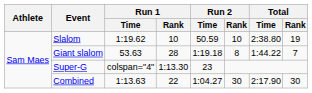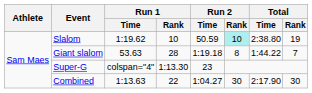 <table class="wikitable" style="font-size:90%">
 <tr>
 <th rowspan=2>Athlete</th>
 <th rowspan=2>Event</th>
 <th colspan=2>Run 1</th>
 <th colspan=2>Run 2</th>
 <th colspan=2>Total</th>
 </tr>
 <tr style="font-size:95%">
 <th>Time</th>
 <th>Rank</th>
 <th>Time</th>
 <th>Rank</th>
 <th>Time</th>
 <th>Rank</th>
 </tr>
 <tr align=center>
 <td align="left" rowspan="4"><a href='#'>Sam Maes</a></td>
 <td align="left"><a href='#'>Slalom</a></td>
 <td>1:19.62</td>
 <td>10</td>
 <td>50.59</td>
-<td>10</td>
+<td style="background: paleturquoise;">10</td>
 <td>2:38.80</td>
 <td>19</td>
 </tr>
 <tr align=center>
 <td align="left"><a href='#'>Giant slalom</a></td>
 <td>53.63</td>
 <td>28</td>
 <td>1:19.18</td>
 <td>8</td>
 <td>1:44.22</td>
 <td>7</td>
 </tr>
 <tr align=center>
 <td align="left"><a href='#'>Super-G</a></td>
 <td>colspan="4" </td>
 <td>1:13.30</td>
 <td>23</td>
 </tr>
 <tr align=center>
 <td align="left"><a href='#'>Combined</a></td>
 <td>1:13.63</td>
 <td>22</td>
 <td>1:04.27</td>
 <td>30</td>
 <td>2:17.90</td>
 <td>30</td>
 </tr>
 </table>
